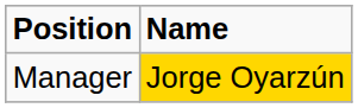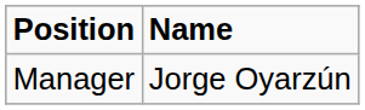 <table class="wikitable">
 <tr>
 <td><strong>Position</strong></td>
 <td><strong>Name</strong></td>
 </tr>
 <tr>
 <td>Manager</td>
-<td style="background: gold;"> Jorge Oyarzún</td>
+<td> Jorge Oyarzún</td>
 </tr>
 </table>
